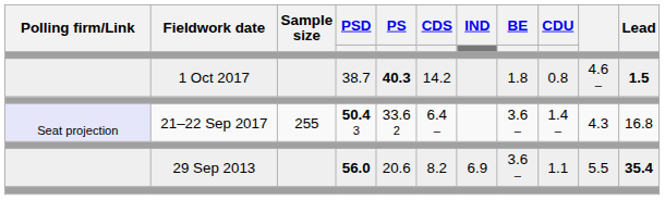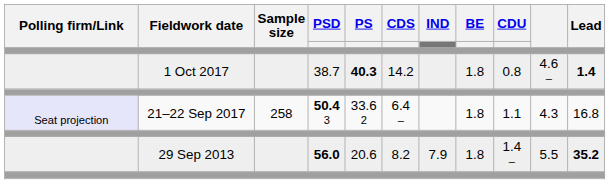 <table class="wikitable collapsible sortable" style="text-align:center; font-size:95%; line-height:16px;">
 <tr style="height:42px;">
 <th style="width:145px;" rowspan="2">Polling firm/Link</th>
 <th style="width:125px;" rowspan="2">Fieldwork date</th>
 <th class="unsortable" style="width:50px;" rowspan="2">Sample size</th>
 <th class="unsortable" style="width:35px;"><a href='#'>PSD</a></th>
 <th class="unsortable" style="width:35px;"><a href='#'>PS</a></th>
 <th class="unsortable" style="width:35px;"><a href='#'>CDS</a></th>
 <th class="unsortable" style="width:35px;"><a href='#'>IND</a></th>
 <th class="unsortable" style="width:35px;"><a href='#'>BE</a></th>
 <th class="unsortable" style="width:35px;"><a href='#'>CDU</a></th>
 <th class="unsortable" style="width:35px;" rowspan="2"></th>
 <th class="unsortable" style="width:30px;" rowspan="2">Lead</th>
 </tr>
 <tr>
 <th class="unsortable" style="color:inherit;background:"></th>
 <th class="unsortable" style="color:inherit;background:"></th>
 <th class="unsortable" style="color:inherit;background:"></th>
 <th class="unsortable" style="color:inherit;background:#777777;"></th>
 <th class="unsortable" style="color:inherit;background:"></th>
 <th class="unsortable" style="color:inherit;background:"></th>
 </tr>
 <tr>
 <td colspan="11" style="background:#A0A0A0"></td>
 </tr>
 <tr style="background:#EFEFEF;">
 <td><strong></strong></td>
 <td data-sort-value="2019-10-06">1 Oct 2017</td>
 <td></td>
 <td>38.7<br></td>
 <td><strong>40.3</strong><br></td>
 <td>14.2<br></td>
 <td></td>
 <td>1.8<br></td>
 <td>0.8<br></td>
 <td align="center">4.6<br><small>–</small></td>
-<td style="background:"><strong>1.5</strong></td>
+<td style="background:"><strong>1.4</strong></td>
 </tr>
 <tr>
 <td colspan="11" style="background:#A0A0A0"></td>
 </tr>
 <tr>
 <td align="center" style="background: lavender;"><br><small>Seat projection</small></td>
 <td align="center">21–22 Sep 2017</td>
-<td>255</td>
+<td>258</td>
 <td align="center" ><strong>50.4</strong><br><small>3</small></td>
 <td align="center">33.6<br><small>2</small></td>
 <td align="center">6.4<br><small>–</small></td>
 <td></td>
-<td align="center">3.6<br><small>–</small></td>
-<td align="center">1.4<br><small>–</small></td>
+<td>1.8<br></td>
+<td>1.1<br></td>
 <td>4.3<br></td>
 <td style="background:">16.8</td>
 </tr>
 <tr>
 <td colspan="11" style="background:#A0A0A0"></td>
 </tr>
 <tr style="background:#EFEFEF;">
 <td><strong></strong></td>
 <td data-sort-value="2019-10-06">29 Sep 2013</td>
 <td></td>
 <td><strong>56.0</strong><br></td>
 <td>20.6<br></td>
 <td>8.2<br></td>
-<td>6.9<br></td>
-<td align="center">3.6<br><small>–</small></td>
-<td>1.1<br></td>
+<td>7.9<br></td>
+<td>1.8<br></td>
+<td align="center">1.4<br><small>–</small></td>
 <td>5.5<br></td>
-<td style="background:"><strong>35.4</strong></td>
+<td style="background:"><strong>35.2</strong></td>
 </tr>
 <tr>
 <td colspan="11" style="background:#A0A0A0"></td>
 </tr>
 </table>
